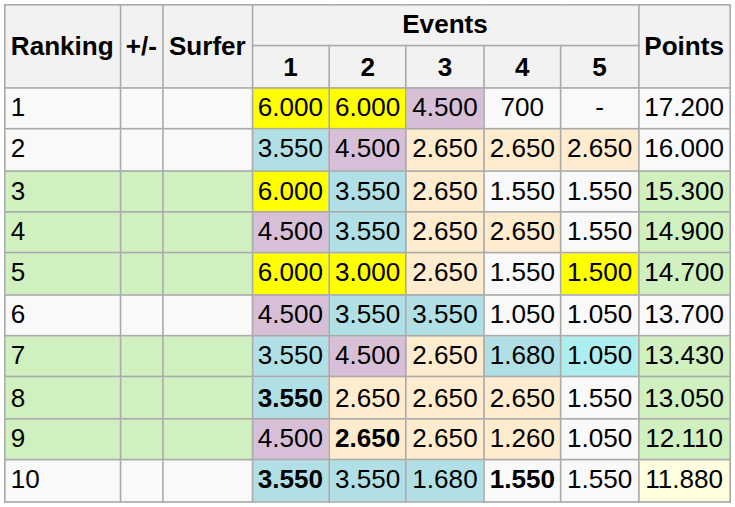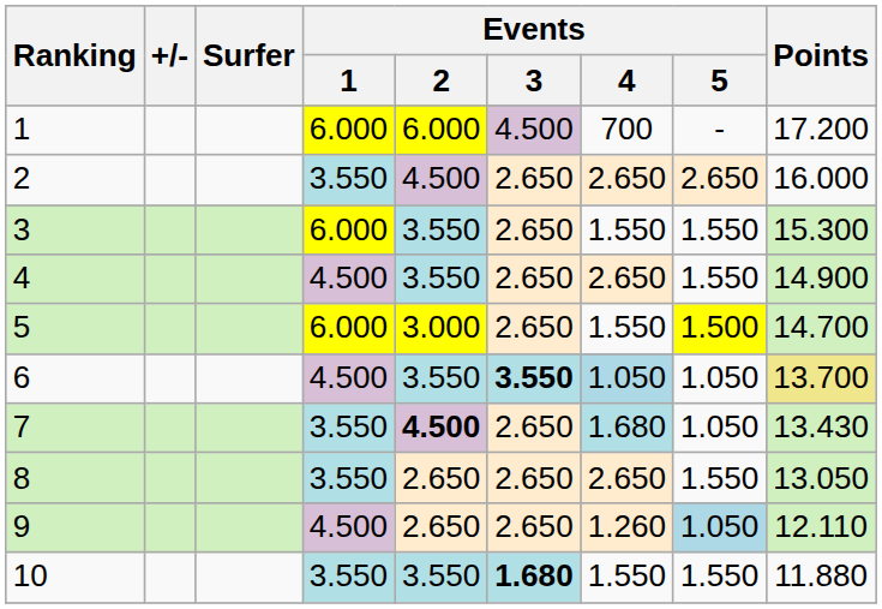 <table class="wikitable" style="text-align: center;">
 <tr>
 <th rowspan="2">Ranking</th>
 <th rowspan="2">+/-</th>
 <th rowspan="2">Surfer</th>
 <th colspan="5">Events</th>
 <th rowspan="2">Points</th>
 </tr>
 <tr>
 <th>1</th>
 <th>2</th>
 <th>3</th>
 <th>4</th>
 <th>5</th>
 </tr>
 <tr>
 <td align=left>1</td>
 <td></td>
 <td align=left></td>
 <td bgcolor=yellow><span>6.000</span></td>
 <td bgcolor=yellow><span>6.000</span></td>
 <td bgcolor=thistle><span>4.500</span></td>
 <td><span>700</span></td>
 <td>-</td>
 <td>17.200</td>
 </tr>
 <tr>
 <td align=left>2</td>
 <td></td>
 <td align=left></td>
 <td bgcolor=#B0E0E6><span>3.550</span></td>
 <td bgcolor=thistle><span>4.500</span></td>
 <td bgcolor=ffebcd><span>2.650</span></td>
 <td bgcolor=ffebcd><span>2.650</span></td>
 <td bgcolor=ffebcd><span>2.650</span></td>
 <td>16.000</td>
 </tr>
 <tr>
 <td style="text-align:left" bgcolor=D0F0C0>3</td>
 <td bgcolor=D0F0C0></td>
 <td style="text-align:left" bgcolor=D0F0C0></td>
 <td bgcolor=yellow><span>6.000</span></td>
 <td bgcolor=#B0E0E6><span>3.550</span></td>
 <td bgcolor=ffebcd><span>2.650</span></td>
 <td><span>1.550</span></td>
 <td><span>1.550</span></td>
 <td bgcolor=D0F0C0>15.300</td>
 </tr>
 <tr>
 <td style="text-align:left" bgcolor=D0F0C0>4</td>
 <td bgcolor=D0F0C0></td>
 <td style="text-align:left" bgcolor=D0F0C0></td>
 <td bgcolor=thistle><span>4.500</span></td>
 <td bgcolor=#B0E0E6><span>3.550</span></td>
 <td bgcolor=ffebcd><span>2.650</span></td>
 <td bgcolor=ffebcd><span>2.650</span></td>
 <td><span>1.550</span></td>
 <td bgcolor=D0F0C0>14.900</td>
 </tr>
 <tr>
 <td style="text-align:left" bgcolor=D0F0C0>5</td>
 <td bgcolor=D0F0C0></td>
 <td style="text-align:left" bgcolor=D0F0C0></td>
 <td bgcolor=yellow><span>6.000</span></td>
 <td bgcolor=yellow><span>3.000</span></td>
 <td bgcolor=ffebcd><span>2.650</span></td>
 <td><span>1.550</span></td>
 <td bgcolor=yellow><span>1.500</span></td>
 <td bgcolor=D0F0C0>14.700</td>
 </tr>
 <tr>
 <td align=left>6</td>
 <td></td>
 <td align=left></td>
 <td bgcolor=thistle><span>4.500</span></td>
 <td bgcolor=#B0E0E6><span>3.550</span></td>
-<td bgcolor=#B0E0E6><span>3.550</span></td>
+<td bgcolor=#B0E0E6><strong><span>3.550</span></strong></td>
+<td style="background: lightblue;"><span>1.050</span></td>
 <td><span>1.050</span></td>
-<td><span>1.050</span></td>
-<td>13.700</td>
+<td style="background: khaki;">13.700</td>
 </tr>
 <tr>
 <td style="text-align:left" bgcolor=D0F0C0>7</td>
 <td bgcolor=D0F0C0></td>
 <td style="text-align:left" bgcolor=D0F0C0></td>
 <td bgcolor=#B0E0E6><span>3.550</span></td>
-<td bgcolor=thistle><span>4.500</span></td>
+<td bgcolor=thistle><strong><span>4.500</span></strong></td>
 <td bgcolor=ffebcd><span>2.650</span></td>
 <td bgcolor=#B0E0E6><span>1.680</span></td>
-<td style="background: paleturquoise;"><span>1.050</span></td>
+<td><span>1.050</span></td>
 <td bgcolor=D0F0C0>13.430</td>
 </tr>
 <tr>
 <td style="text-align:left" bgcolor=D0F0C0>8</td>
 <td bgcolor=D0F0C0></td>
 <td style="text-align:left" bgcolor=D0F0C0></td>
-<td bgcolor=#B0E0E6><strong><span>3.550</span></strong></td>
+<td bgcolor=#B0E0E6><span>3.550</span></td>
 <td bgcolor=ffebcd><span>2.650</span></td>
 <td bgcolor=ffebcd><span>2.650</span></td>
 <td bgcolor=ffebcd><span>2.650</span></td>
 <td><span>1.550</span></td>
 <td bgcolor=D0F0C0>13.050</td>
 </tr>
 <tr>
 <td style="text-align:left" bgcolor=D0F0C0>9</td>
 <td bgcolor=D0F0C0></td>
 <td style="text-align:left" bgcolor=D0F0C0></td>
 <td bgcolor=thistle><span>4.500</span></td>
-<td bgcolor=ffebcd><strong><span>2.650</span></strong></td>
+<td bgcolor=ffebcd><span>2.650</span></td>
 <td bgcolor=ffebcd><span>2.650</span></td>
 <td bgcolor=ffebcd><span>1.260</span></td>
-<td><span>1.050</span></td>
+<td style="background: lightblue;"><span>1.050</span></td>
 <td bgcolor=D0F0C0>12.110</td>
 </tr>
 <tr>
 <td align=left>10</td>
 <td></td>
 <td align=left></td>
-<td bgcolor=#B0E0E6><strong><span>3.550</span></strong></td>
 <td bgcolor=#B0E0E6><span>3.550</span></td>
-<td bgcolor=#B0E0E6><span>1.680</span></td>
-<td><strong><span>1.550</span></strong></td>
+<td bgcolor=#B0E0E6><span>3.550</span></td>
+<td bgcolor=#B0E0E6><strong><span>1.680</span></strong></td>
 <td><span>1.550</span></td>
-<td style="background: lightyellow;">11.880</td>
+<td><span>1.550</span></td>
+<td>11.880</td>
 </tr>
 </table>
